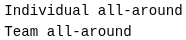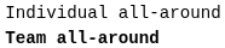 <table>
 <tr>
 <td>Individual all-around</td>
 <td></td>
 <td></td>
 <td></td>
 </tr>
 <tr>
-<td>Team all-around</td>
+<td><strong>Team all-around</strong></td>
 <td></td>
 <td></td>
 <td></td>
 </tr>
 </table>
